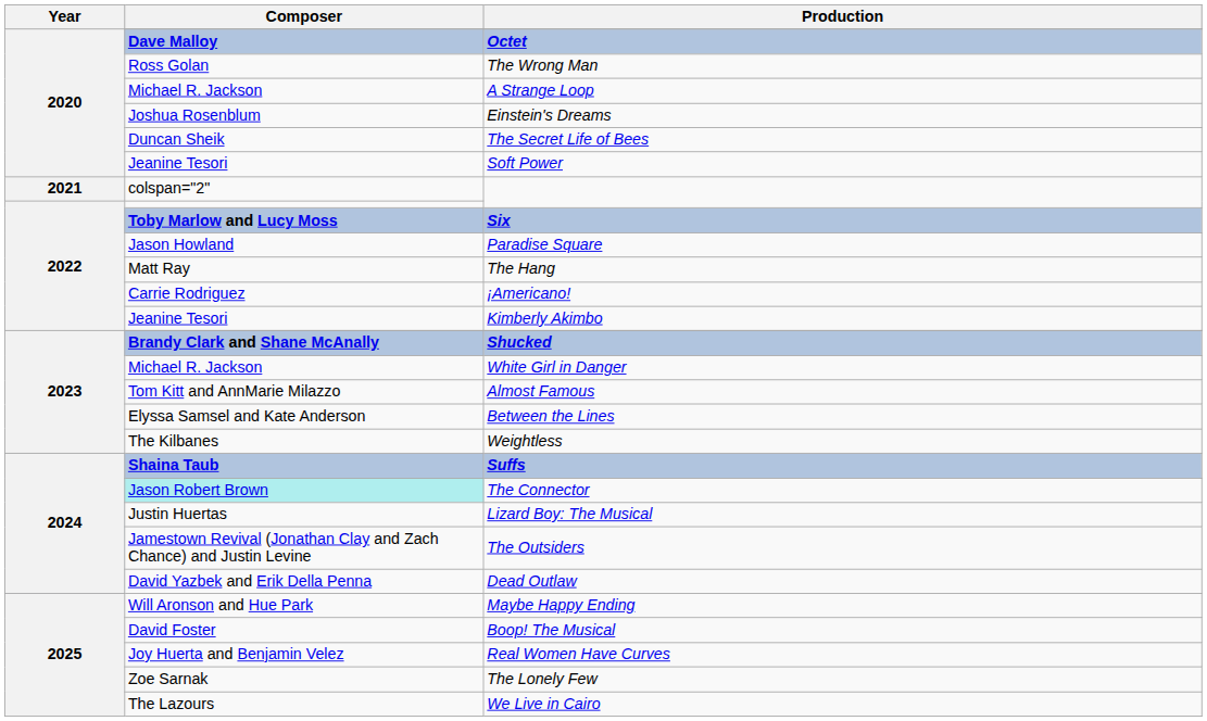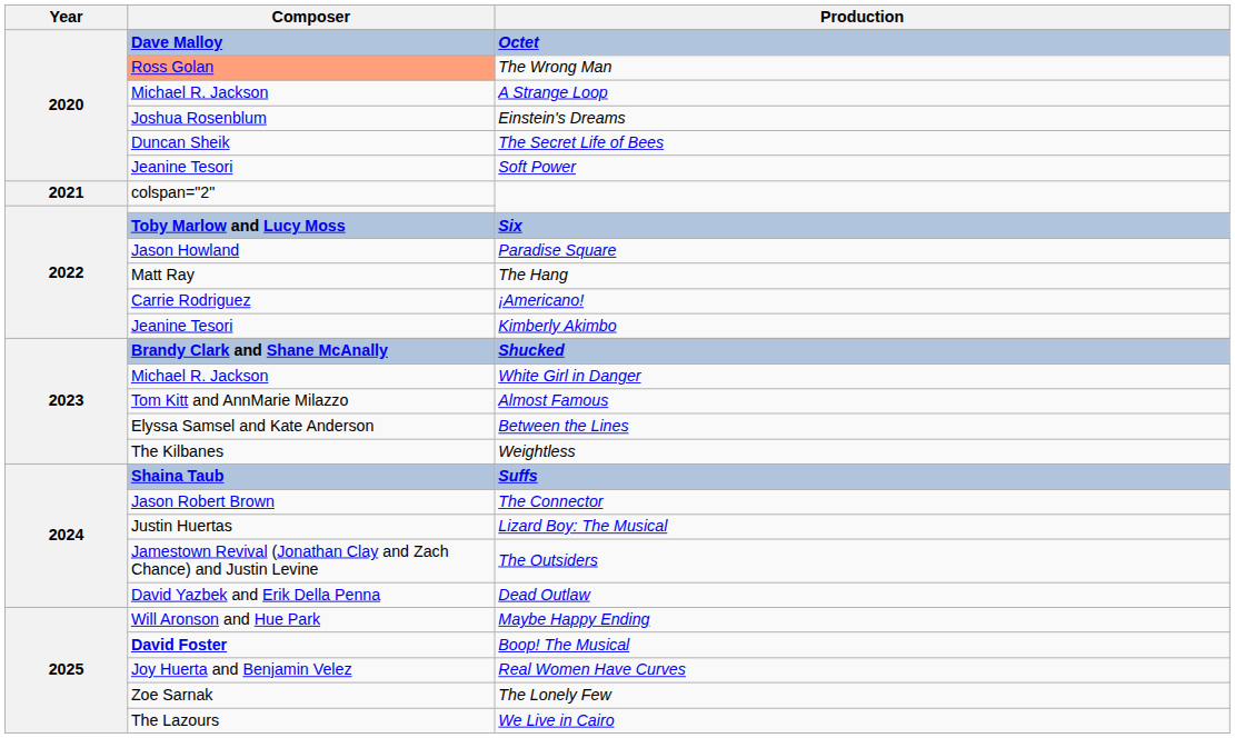 <table class="wikitable" style="width:98%;">
 <tr style="background:#bebebe;">
 <th style="width:10%;">Year</th>
 <th style="width:30%;">Composer</th>
 <th style="width:60%;">Production</th>
 </tr>
 <tr>
 <th rowspan="7">2020</th>
 </tr>
 <tr style="background:#B0C4DE">
 <td><strong><a href='#'>Dave Malloy</a></strong></td>
 <td><strong><em><a href='#'>Octet</a></em></strong></td>
 </tr>
 <tr>
-<td><a href='#'>Ross Golan</a></td>
+<td style="background: lightsalmon;"><a href='#'>Ross Golan</a></td>
 <td><em>The Wrong Man</em></td>
 </tr>
 <tr>
 <td><a href='#'>Michael R. Jackson</a></td>
 <td><em><a href='#'>A Strange Loop</a></em></td>
 </tr>
 <tr>
 <td><a href='#'>Joshua Rosenblum</a></td>
 <td><em>Einstein's Dreams</em></td>
 </tr>
 <tr>
 <td><a href='#'>Duncan Sheik</a></td>
 <td><em><a href='#'>The Secret Life of Bees</a></em></td>
 </tr>
 <tr>
 <td><a href='#'>Jeanine Tesori</a></td>
 <td><em><a href='#'>Soft Power</a></em></td>
 </tr>
 <tr>
 <th>2021</th>
 <td>colspan="2" </td>
 </tr>
 <tr>
 <th rowspan="6">2022</th>
 <td></td>
 </tr>
 <tr style="background:#B0C4DE">
 <td><strong><a href='#'>Toby Marlow</a> and <a href='#'>Lucy Moss</a></strong></td>
 <td><strong><em><a href='#'>Six</a></em></strong></td>
 </tr>
 <tr>
 <td><a href='#'>Jason Howland</a></td>
 <td><em><a href='#'>Paradise Square</a></em></td>
 </tr>
 <tr>
 <td>Matt Ray</td>
 <td><em>The Hang</em></td>
 </tr>
 <tr>
 <td><a href='#'>Carrie Rodriguez</a></td>
 <td><em><a href='#'>¡Americano!</a></em></td>
 </tr>
 <tr>
 <td><a href='#'>Jeanine Tesori</a></td>
 <td><em><a href='#'>Kimberly Akimbo</a></em></td>
 </tr>
 <tr>
 <th rowspan="6">2023</th>
 </tr>
 <tr style="background:#B0C4DE">
 <td><strong><a href='#'>Brandy Clark</a> and <a href='#'>Shane McAnally</a></strong></td>
 <td><strong><em><a href='#'>Shucked</a></em></strong></td>
 </tr>
 <tr>
 <td><a href='#'>Michael R. Jackson</a></td>
 <td><em><a href='#'>White Girl in Danger</a></em></td>
 </tr>
 <tr>
 <td><a href='#'>Tom Kitt</a> and AnnMarie Milazzo</td>
 <td><em><a href='#'>Almost Famous</a></em></td>
 </tr>
 <tr>
 <td>Elyssa Samsel and Kate Anderson</td>
 <td><em><a href='#'>Between the Lines</a></em></td>
 </tr>
 <tr>
 <td>The Kilbanes</td>
 <td><em>Weightless</em></td>
 </tr>
 <tr style="background:#B0C4DE">
 <th rowspan="5">2024</th>
 <td><strong><a href='#'>Shaina Taub</a></strong></td>
 <td><strong><em><a href='#'>Suffs</a></em></strong></td>
 </tr>
 <tr>
-<td style="background: paleturquoise;"><a href='#'>Jason Robert Brown</a></td>
+<td><a href='#'>Jason Robert Brown</a></td>
 <td><em><a href='#'>The Connector</a></em></td>
 </tr>
 <tr>
 <td>Justin Huertas</td>
 <td><em><a href='#'>Lizard Boy: The Musical</a></em></td>
 </tr>
 <tr>
 <td><a href='#'>Jamestown Revival</a> (<a href='#'>Jonathan Clay</a> and Zach Chance) and Justin Levine</td>
 <td><em><a href='#'>The Outsiders</a></em></td>
 </tr>
 <tr>
 <td><a href='#'>David Yazbek</a> and <a href='#'>Erik Della Penna</a></td>
 <td><em><a href='#'>Dead Outlaw</a></em></td>
 </tr>
 <tr>
 <th rowspan=5>2025</th>
 <td><a href='#'>Will Aronson</a> and <a href='#'>Hue Park</a></td>
 <td><em><a href='#'>Maybe Happy Ending</a></em></td>
 </tr>
 <tr>
-<td><a href='#'>David Foster</a></td>
+<td><strong><a href='#'>David Foster</a></strong></td>
 <td><em><a href='#'>Boop! The Musical</a></em></td>
 </tr>
 <tr>
 <td><a href='#'>Joy Huerta</a> and <a href='#'>Benjamin Velez</a></td>
 <td><em><a href='#'>Real Women Have Curves</a></em></td>
 </tr>
 <tr>
 <td>Zoe Sarnak</td>
 <td><em>The Lonely Few</em></td>
 </tr>
 <tr>
 <td>The Lazours</td>
 <td><em><a href='#'>We Live in Cairo</a></em></td>
 </tr>
 </table>
